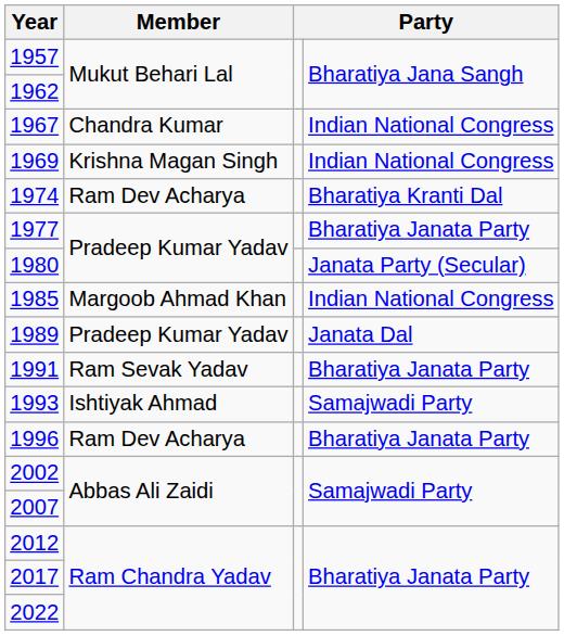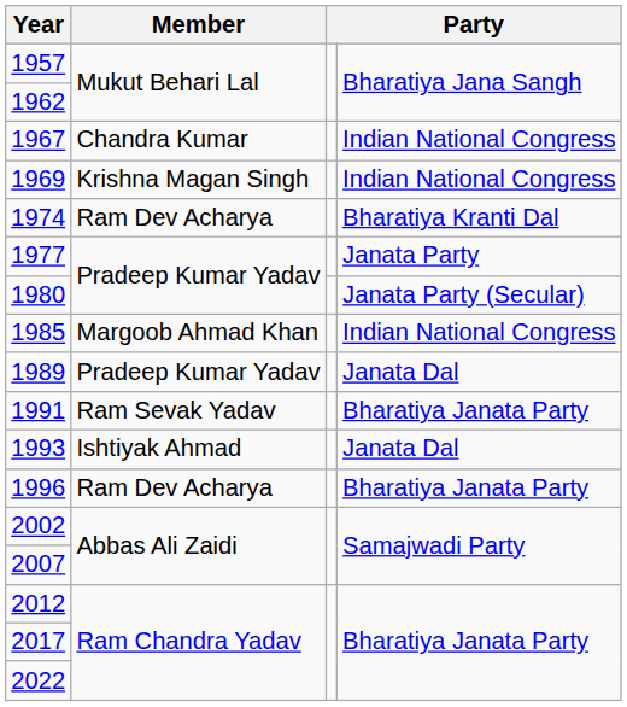 <table class="wikitable">
 <tr>
 <th>Year</th>
 <th>Member</th>
 <th colspan="2">Party</th>
 </tr>
 <tr>
 <td><a href='#'>1957</a></td>
 <td rowspan="2">Mukut Behari Lal</td>
 <td rowspan="2" style="background-color: "></td>
 <td rowspan="2"><a href='#'>Bharatiya Jana Sangh</a></td>
 </tr>
 <tr>
 <td><a href='#'>1962</a></td>
 </tr>
 <tr>
 <td><a href='#'>1967</a></td>
 <td>Chandra Kumar</td>
 <td style="background-color: "></td>
 <td><a href='#'>Indian National Congress</a></td>
 </tr>
 <tr>
 <td><a href='#'>1969</a></td>
 <td>Krishna Magan Singh</td>
 <td style="background-color: "></td>
 <td><a href='#'>Indian National Congress</a></td>
 </tr>
 <tr>
 <td><a href='#'>1974</a></td>
 <td>Ram Dev Acharya</td>
 <td style="background-color: "></td>
 <td><a href='#'>Bharatiya Kranti Dal</a></td>
 </tr>
 <tr>
 <td><a href='#'>1977</a></td>
 <td rowspan="2">Pradeep Kumar Yadav</td>
 <td style="background-color: "></td>
-<td><a href='#'>Bharatiya Janata Party</a></td>
+<td><a href='#'>Janata Party</a></td>
 </tr>
 <tr>
 <td><a href='#'>1980</a></td>
 <td style="background-color: "></td>
 <td><a href='#'>Janata Party (Secular)</a></td>
 </tr>
 <tr>
 <td><a href='#'>1985</a></td>
 <td>Margoob Ahmad Khan</td>
 <td style="background-color: "></td>
 <td><a href='#'>Indian National Congress</a></td>
 </tr>
 <tr>
 <td><a href='#'>1989</a></td>
 <td>Pradeep Kumar Yadav</td>
 <td style="background-color: "></td>
 <td><a href='#'>Janata Dal</a></td>
 </tr>
 <tr>
 <td><a href='#'>1991</a></td>
 <td>Ram Sevak Yadav</td>
 <td style="background-color: "></td>
 <td><a href='#'>Bharatiya Janata Party</a></td>
 </tr>
 <tr>
 <td><a href='#'>1993</a></td>
 <td>Ishtiyak Ahmad</td>
 <td style="background-color: "></td>
-<td><a href='#'>Samajwadi Party</a></td>
+<td><a href='#'>Janata Dal</a></td>
 </tr>
 <tr>
 <td><a href='#'>1996</a></td>
 <td>Ram Dev Acharya</td>
 <td style="background-color: "></td>
 <td><a href='#'>Bharatiya Janata Party</a></td>
 </tr>
 <tr>
 <td><a href='#'>2002</a></td>
 <td rowspan="2">Abbas Ali Zaidi</td>
 <td rowspan="2" style="background-color: "></td>
 <td rowspan="2"><a href='#'>Samajwadi Party</a></td>
 </tr>
 <tr>
 <td><a href='#'>2007</a></td>
 </tr>
 <tr>
 <td><a href='#'>2012</a></td>
 <td rowspan="3"><a href='#'>Ram Chandra Yadav</a></td>
 <td rowspan="3" style="background-color: "></td>
 <td rowspan="3"><a href='#'>Bharatiya Janata Party</a></td>
 </tr>
 <tr>
 <td><a href='#'>2017</a></td>
 </tr>
 <tr>
 <td><a href='#'>2022</a></td>
 </tr>
 </table>
